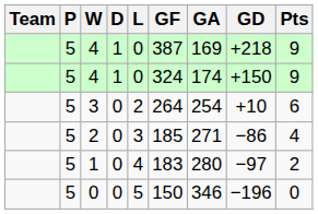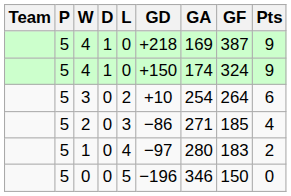 <table class="wikitable" style="text-align:center">
 <tr>
 <th>Team</th>
 <th>P</th>
 <th>W</th>
 <th>D</th>
 <th>L</th>
+<th>GD</th>
+<th>GA</th>
 <th>GF</th>
-<th>GA</th>
-<th>GD</th>
 <th>Pts</th>
 </tr>
 <tr bgcolor="#ccffcc">
 <td align=left><strong></strong></td>
 <td>5</td>
 <td>4</td>
 <td>1</td>
 <td>0</td>
+<td>+218</td>
+<td>169</td>
 <td>387</td>
-<td>169</td>
-<td>+218</td>
 <td>9</td>
 </tr>
 <tr bgcolor="#ccffcc">
 <td align=left><strong></strong></td>
 <td>5</td>
 <td>4</td>
 <td>1</td>
 <td>0</td>
+<td>+150</td>
+<td>174</td>
 <td>324</td>
-<td>174</td>
-<td>+150</td>
 <td>9</td>
 </tr>
 <tr>
 <td align=left></td>
 <td>5</td>
 <td>3</td>
 <td>0</td>
 <td>2</td>
+<td>+10</td>
+<td>254</td>
 <td>264</td>
-<td>254</td>
-<td>+10</td>
 <td>6</td>
 </tr>
 <tr>
 <td align=left></td>
 <td>5</td>
 <td>2</td>
 <td>0</td>
 <td>3</td>
+<td>−86</td>
+<td>271</td>
 <td>185</td>
-<td>271</td>
-<td>−86</td>
 <td>4</td>
 </tr>
 <tr>
 <td align=left></td>
 <td>5</td>
 <td>1</td>
 <td>0</td>
 <td>4</td>
+<td>−97</td>
+<td>280</td>
 <td>183</td>
-<td>280</td>
-<td>−97</td>
 <td>2</td>
 </tr>
 <tr>
 <td align=left></td>
 <td>5</td>
 <td>0</td>
 <td>0</td>
 <td>5</td>
+<td>−196</td>
+<td>346</td>
 <td>150</td>
-<td>346</td>
-<td>−196</td>
 <td>0</td>
 </tr>
 </table>
